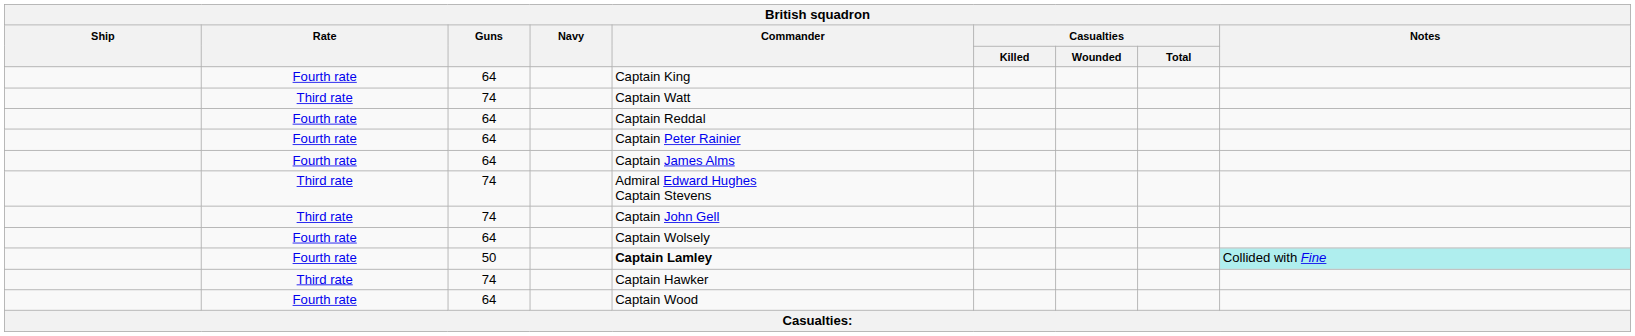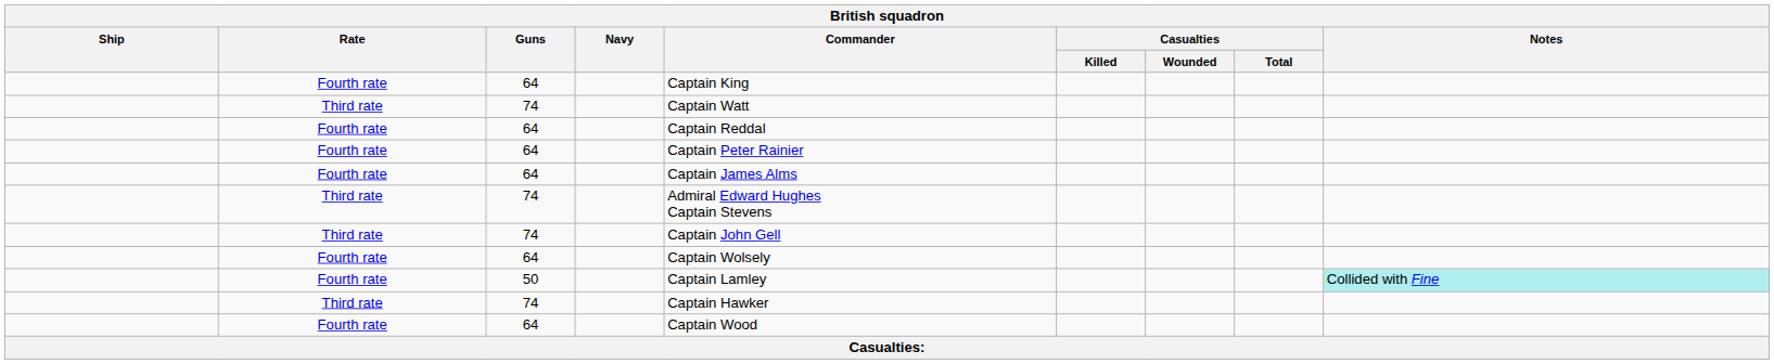 <table class="wikitable" border="1" style="width:100%;">
 <tr style="vertical-align:top;">
 <th colspan="11" bgcolor="white">British squadron</th>
 </tr>
 <tr valign="top"|- style="vertical-align:top;">
 <th width=12%; align= center rowspan=2><small> Ship </small></th>
 <th width=15%; align= center rowspan=2><small> Rate </small></th>
 <th width=5%; align= center rowspan=2><small> Guns </small></th>
 <th width=5%; align= center rowspan=2><small> Navy </small></th>
 <th width=22%; align= center rowspan=2><small> Commander </small></th>
 <th width=15%; align= center colspan=3><small>Casualties</small></th>
 <th width=25%; align= center rowspan=2><small>Notes</small></th>
 </tr>
 <tr style="vertical-align:top;">
 <th width=5%; align= center><small> Killed </small></th>
 <th width=5%; align= center><small> Wounded </small></th>
 <th width=5%; align= center><small> Total</small></th>
 </tr>
 <tr style="vertical-align:top;">
 <td align= left></td>
 <td align= center><a href='#'>Fourth rate</a></td>
 <td align= center>64</td>
 <td align= center></td>
 <td align= left>Captain King</td>
 <td align= right></td>
 <td align= right></td>
 <td align= right></td>
 <td align= left></td>
 </tr>
 <tr style="vertical-align:top;">
 <td align= left></td>
 <td align= center><a href='#'>Third rate</a></td>
 <td align= center>74</td>
 <td align= center></td>
 <td align= left>Captain Watt</td>
 <td align= right></td>
 <td align= right></td>
 <td align= right></td>
 <td align= left></td>
 </tr>
 <tr style="vertical-align:top;">
 <td align= left></td>
 <td align= center><a href='#'>Fourth rate</a></td>
 <td align= center>64</td>
 <td align= center></td>
 <td align= left>Captain Reddal</td>
 <td align= right></td>
 <td align= right></td>
 <td align= right></td>
 <td align= left></td>
 </tr>
 <tr style="vertical-align:top;">
 <td align= left></td>
 <td align= center><a href='#'>Fourth rate</a></td>
 <td align= center>64</td>
 <td align= center></td>
 <td align= left>Captain <a href='#'>Peter Rainier</a></td>
 <td align= right></td>
 <td align= right></td>
 <td align= right></td>
 <td align= left></td>
 </tr>
 <tr style="vertical-align:top;">
 <td align= left></td>
 <td align= center><a href='#'>Fourth rate</a></td>
 <td align= center>64</td>
 <td align= center></td>
 <td align= left>Captain <a href='#'>James Alms</a></td>
 <td align= right></td>
 <td align= right></td>
 <td align= right></td>
 <td align= left></td>
 </tr>
 <tr style="vertical-align:top;">
 <td align= left></td>
 <td align= center><a href='#'>Third rate</a></td>
 <td align= center>74</td>
 <td align= center></td>
 <td align= left>Admiral <a href='#'>Edward Hughes</a> <br>Captain Stevens</td>
 <td align= right></td>
 <td align= right></td>
 <td align= right></td>
 <td align= left></td>
 </tr>
 <tr style="vertical-align:top;">
 <td align= left></td>
 <td align= center><a href='#'>Third rate</a></td>
 <td align= center>74</td>
 <td align= center></td>
 <td align= left>Captain <a href='#'>John Gell</a></td>
 <td align= right></td>
 <td align= right></td>
 <td align= right></td>
 <td align= left></td>
 </tr>
 <tr style="vertical-align:top;"| align= left>
 <td></td>
 <td align= center><a href='#'>Fourth rate</a></td>
 <td align= center>64</td>
 <td align= center></td>
 <td align= left>Captain Wolsely</td>
 <td align= right></td>
 <td align= right></td>
 <td align= right></td>
 <td align= left></td>
 </tr>
 <tr style="vertical-align:top;"| align= left>
 <td></td>
 <td align= center><a href='#'>Fourth rate</a></td>
 <td align= center>50</td>
 <td align= center></td>
-<td align= left><strong>Captain Lamley</strong></td>
+<td align= left>Captain Lamley</td>
 <td align= right></td>
 <td align= right></td>
 <td align= right></td>
 <td align= left style="background: paleturquoise;">Collided with <a href='#'><em>Fine</em></a></td>
 </tr>
 <tr style="vertical-align:top;">
 <td align= left></td>
 <td align= center><a href='#'>Third rate</a></td>
 <td align= center>74</td>
 <td align= center></td>
 <td align= left>Captain Hawker</td>
 <td align= right></td>
 <td align= right></td>
 <td align= right></td>
 <td align= left></td>
 </tr>
 <tr style="vertical-align:top;">
 <td align= left></td>
 <td align= center><a href='#'>Fourth rate</a></td>
 <td align= center>64</td>
 <td align= center></td>
 <td align= left>Captain Wood</td>
 <td align= right></td>
 <td align= right></td>
 <td align= right></td>
 <td align= left></td>
 </tr>
 <tr style="vertical-align:top;">
 <th colspan="11" bgcolor="white">Casualties:</th>
 </tr>
 </table>
